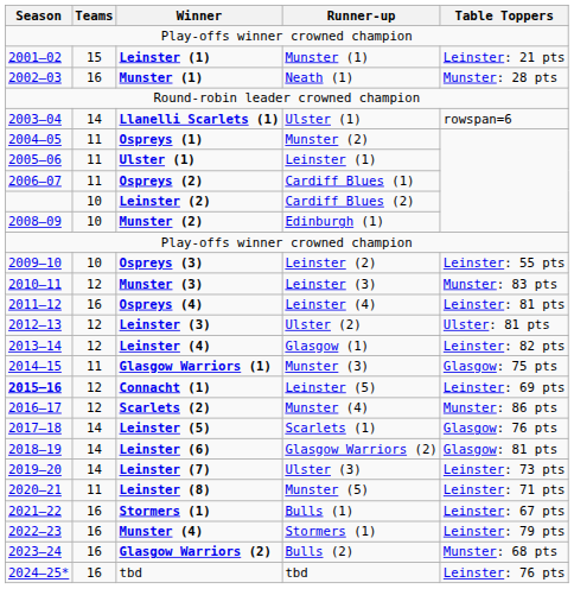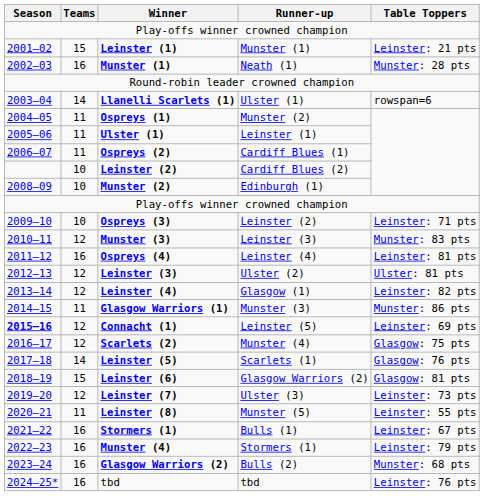 <table class="wikitable">
 <tr>
 <th>Season</th>
 <th>Teams</th>
 <th>Winner</th>
 <th>Runner-up</th>
 <th>Table Toppers</th>
 </tr>
 <tr>
 <td colspan="5" style="text-align:center">Play-offs winner crowned champion</td>
 </tr>
 <tr>
 <td><a href='#'>2001–02</a></td>
 <td align=center>15</td>
 <td><strong> <a href='#'>Leinster</a> (1)</strong></td>
 <td> <a href='#'>Munster</a> (1)</td>
 <td> <a href='#'>Leinster</a>: 21 pts</td>
 </tr>
 <tr>
 <td><a href='#'>2002–03</a></td>
 <td align=center>16</td>
 <td><strong>  <a href='#'>Munster</a> (1)</strong></td>
 <td> <a href='#'>Neath</a> (1)</td>
 <td> <a href='#'>Munster</a>: 28 pts</td>
 </tr>
 <tr>
 <td colspan="5" style="text-align:center">Round-robin leader crowned champion</td>
 </tr>
 <tr>
 <td><a href='#'>2003–04</a></td>
 <td align=center>14</td>
 <td><strong> <a href='#'>Llanelli Scarlets</a> (1)</strong></td>
 <td> <a href='#'>Ulster</a> (1)</td>
 <td>rowspan=6 </td>
 </tr>
 <tr>
 <td><a href='#'>2004–05</a></td>
 <td align=center>11</td>
 <td><strong>  <a href='#'>Ospreys</a> (1)</strong></td>
 <td> <a href='#'>Munster</a> (2)</td>
 </tr>
 <tr>
 <td><a href='#'>2005–06</a></td>
 <td align=center>11</td>
 <td><strong> <a href='#'>Ulster</a> (1)</strong></td>
 <td> <a href='#'>Leinster</a> (1)</td>
 </tr>
 <tr>
 <td><a href='#'>2006–07</a></td>
 <td align=center>11</td>
 <td><strong> <a href='#'>Ospreys</a> (2)</strong></td>
 <td> <a href='#'>Cardiff Blues</a> (1)</td>
 </tr>
 <tr>
 <td></td>
 <td align=center>10</td>
 <td><strong>  <a href='#'>Leinster</a> (2)</strong></td>
 <td> <a href='#'>Cardiff Blues</a> (2)</td>
 </tr>
 <tr>
 <td><a href='#'>2008–09</a></td>
 <td align=center>10</td>
 <td><strong> <a href='#'>Munster</a> (2)</strong></td>
 <td> <a href='#'>Edinburgh</a> (1)</td>
 </tr>
 <tr>
 <td colspan="5" style="text-align:center">Play-offs winner crowned champion</td>
 </tr>
 <tr>
 <td><a href='#'>2009–10</a></td>
 <td align=center>10</td>
 <td><strong> <a href='#'>Ospreys</a> (3)</strong></td>
 <td> <a href='#'>Leinster</a> (2)</td>
-<td> <a href='#'>Leinster</a>: 55 pts</td>
+<td> <a href='#'>Leinster</a>: 71 pts</td>
 </tr>
 <tr>
 <td><a href='#'>2010–11</a></td>
 <td align=center>12</td>
 <td><strong> <a href='#'>Munster</a> (3)</strong></td>
 <td> <a href='#'>Leinster</a> (3)</td>
 <td> <a href='#'>Munster</a>: 83 pts</td>
 </tr>
 <tr>
 <td><a href='#'>2011–12</a></td>
 <td align=center>16</td>
 <td><strong> <a href='#'>Ospreys</a> (4)</strong></td>
 <td> <a href='#'>Leinster</a> (4)</td>
 <td> <a href='#'>Leinster</a>: 81 pts</td>
 </tr>
 <tr>
 <td><a href='#'>2012–13</a></td>
 <td align=center>12</td>
 <td><strong> <a href='#'>Leinster</a> (3)</strong></td>
 <td> <a href='#'>Ulster</a> (2)</td>
 <td> <a href='#'>Ulster</a>: 81 pts</td>
 </tr>
 <tr>
 <td><a href='#'>2013–14</a></td>
 <td align=center>12</td>
 <td><strong> <a href='#'>Leinster</a> (4)</strong></td>
 <td> <a href='#'>Glasgow</a> (1)</td>
 <td> <a href='#'>Leinster</a>: 82 pts</td>
 </tr>
 <tr>
 <td><a href='#'>2014–15</a></td>
 <td align=center>11</td>
 <td><strong> <a href='#'>Glasgow Warriors</a> (1)</strong></td>
 <td> <a href='#'>Munster</a> (3)</td>
-<td> <a href='#'>Glasgow</a>: 75 pts</td>
+<td> <a href='#'>Munster</a>: 86 pts</td>
 </tr>
 <tr>
 <td><strong><a href='#'>2015–16</a></strong></td>
 <td align=center>12</td>
 <td><strong> <a href='#'>Connacht</a> (1)</strong></td>
 <td> <a href='#'>Leinster</a> (5)</td>
 <td> <a href='#'>Leinster</a>: 69 pts</td>
 </tr>
 <tr>
 <td><a href='#'>2016–17</a></td>
 <td align=center>12</td>
 <td><strong> <a href='#'>Scarlets</a> (2)</strong></td>
 <td> <a href='#'>Munster</a> (4)</td>
-<td> <a href='#'>Munster</a>: 86 pts</td>
+<td> <a href='#'>Glasgow</a>: 75 pts</td>
 </tr>
 <tr>
 <td><a href='#'>2017–18</a></td>
 <td align=center>14</td>
 <td><strong> <a href='#'>Leinster</a> (5)</strong></td>
 <td> <a href='#'>Scarlets</a> (1)</td>
 <td> <a href='#'>Glasgow</a>: 76 pts</td>
 </tr>
 <tr>
 <td><a href='#'>2018–19</a></td>
-<td align=center>14</td>
+<td align=center>15</td>
 <td><strong> <a href='#'>Leinster</a> (6)</strong></td>
 <td> <a href='#'>Glasgow Warriors</a> (2)</td>
 <td> <a href='#'>Glasgow</a>: 81 pts</td>
 </tr>
 <tr>
 <td><a href='#'>2019–20</a></td>
-<td align=center>14</td>
+<td align=center>12</td>
 <td><strong> <a href='#'>Leinster</a> (7)</strong></td>
 <td> <a href='#'>Ulster</a> (3)</td>
 <td> <a href='#'>Leinster</a>: 73 pts</td>
 </tr>
 <tr>
 <td><a href='#'>2020–21</a></td>
 <td align=center>11</td>
 <td><strong> <a href='#'>Leinster</a> (8)</strong></td>
 <td> <a href='#'>Munster</a> (5)</td>
-<td> <a href='#'>Leinster</a>: 71 pts</td>
+<td> <a href='#'>Leinster</a>: 55 pts</td>
 </tr>
 <tr>
 <td><a href='#'>2021–22</a></td>
 <td align=center>16</td>
 <td><strong>  <a href='#'>Stormers</a> (1) </strong></td>
 <td> <a href='#'>Bulls</a> (1)</td>
 <td> <a href='#'>Leinster</a>: 67 pts</td>
 </tr>
 <tr>
 <td><a href='#'>2022–23</a></td>
 <td align=center>16</td>
 <td><strong>  <a href='#'>Munster</a> (4)</strong></td>
 <td> <a href='#'>Stormers</a> (1)</td>
 <td> <a href='#'>Leinster</a>: 79 pts</td>
 </tr>
 <tr>
 <td><a href='#'>2023–24</a></td>
 <td align=center>16</td>
 <td><strong> <a href='#'>Glasgow Warriors</a> (2)</strong></td>
 <td> <a href='#'>Bulls</a> (2)</td>
 <td> <a href='#'>Munster</a>: 68 pts</td>
 </tr>
 <tr>
 <td><a href='#'>2024–25*</a></td>
 <td align=center>16</td>
 <td>tbd</td>
 <td>tbd</td>
 <td> <a href='#'>Leinster</a>: 76 pts</td>
 </tr>
 </table>
